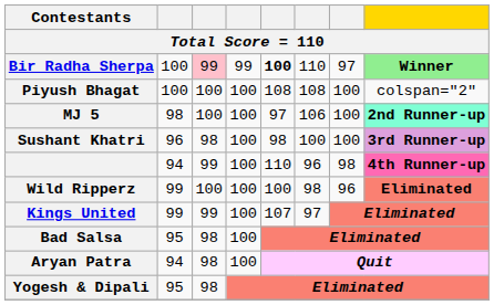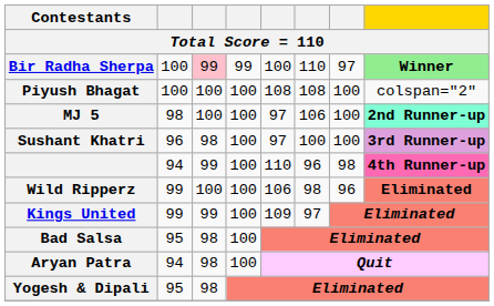 <table class="wikitable sortable plainrowheaders" style="text-align:center">
 <tr>
 <th scope=col>Contestants</th>
 <th scope=col></th>
 <th></th>
 <th></th>
 <th></th>
 <th></th>
 <th></th>
 <td colspan="2" bgcolor=gold></td>
 </tr>
 <tr>
 <th colspan="9"><em>Total Score</em> = <strong>110</strong></th>
 </tr>
 <tr>
 <th scope="row"><a href='#'>Bir Radha Sherpa</a></th>
 <td>100</td>
 <td style="background: pink;">99</td>
 <td>99</td>
-<td><strong>100</strong></td>
+<td>100</td>
 <td>110</td>
 <td>97</td>
 <td colspan="2" style="background:lightgreen;"><strong>Winner</strong></td>
 </tr>
 <tr>
 <th scope="row">Piyush Bhagat</th>
 <td>100</td>
 <td>100</td>
 <td>100</td>
 <td>108</td>
 <td>108</td>
 <td>100</td>
 <td>colspan="2" </td>
 </tr>
 <tr>
 <th scope="row">MJ 5</th>
 <td>98</td>
 <td>100</td>
 <td>100</td>
 <td>97</td>
 <td>106</td>
 <td>100</td>
 <td colspan="2" bgcolor=#7FFFD4><strong>2nd Runner-up</strong></td>
 </tr>
 <tr>
 <th scope="row">Sushant Khatri</th>
 <td>96</td>
 <td>98</td>
 <td>100</td>
-<td>98</td>
+<td>97</td>
 <td>100</td>
 <td>100</td>
 <td colspan="2" style="background:#DDA0DD;"><strong>3rd Runner-up</strong></td>
 </tr>
 <tr>
 <th scope="row"></th>
 <td>94</td>
 <td>99</td>
 <td>100</td>
 <td>110</td>
 <td>96</td>
 <td>98</td>
 <td colspan="2" style="background:#FF69B4; text-align:center;"><strong>4th Runner-up</strong></td>
 </tr>
 <tr>
 <th scope="row">Wild Ripperz</th>
 <td>99</td>
 <td>100</td>
 <td>100</td>
-<td>100</td>
+<td>106</td>
 <td>98</td>
 <td>96</td>
 <td colspan="2" style="background:#FA8072;"><strong>Eliminated</strong></td>
 </tr>
 <tr>
 <th scope=row><a href='#'>Kings United</a></th>
 <td>99</td>
 <td>99</td>
 <td>100</td>
-<td>107</td>
+<td>109</td>
 <td>97</td>
 <td colspan="3" style="background:#FA8072;"><strong><em>Eliminated</em></strong></td>
 </tr>
 <tr>
 <th scope=row>Bad Salsa</th>
 <td>95</td>
 <td>98</td>
 <td>100</td>
 <td colspan="5" style="background:#FA8072;"><strong><em>Eliminated</em></strong></td>
 </tr>
 <tr>
 <th scope=row>Aryan Patra</th>
 <td>94</td>
 <td>98</td>
 <td>100</td>
 <td colspan="5" bgcolor=#fcf><strong><em>Quit</em></strong></td>
 </tr>
 <tr>
 <th scope=row>Yogesh & Dipali</th>
 <td>95</td>
 <td>98</td>
 <td colspan="6" style="background:#FA8072;"><strong><em>Eliminated</em></strong></td>
 </tr>
 <tr>
 </tr>
 </table>
